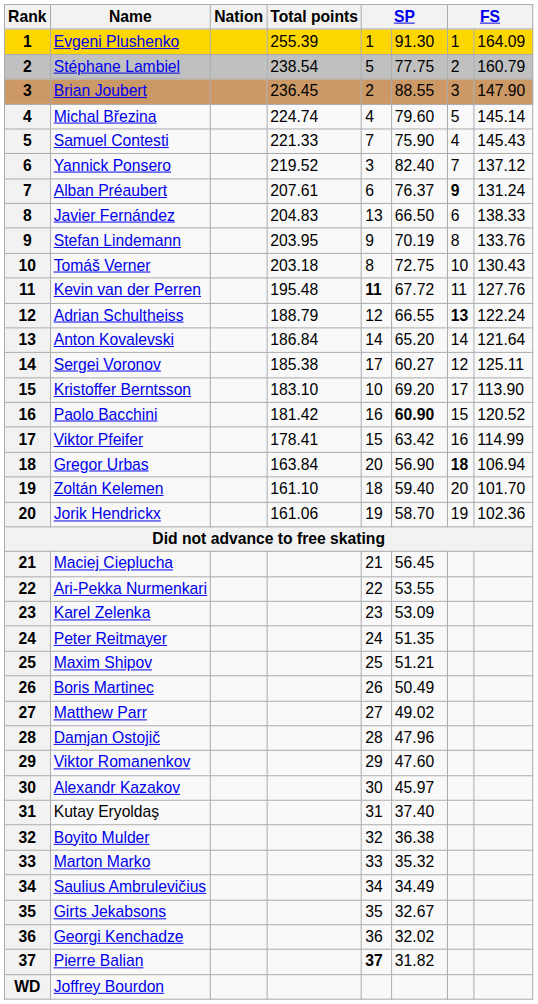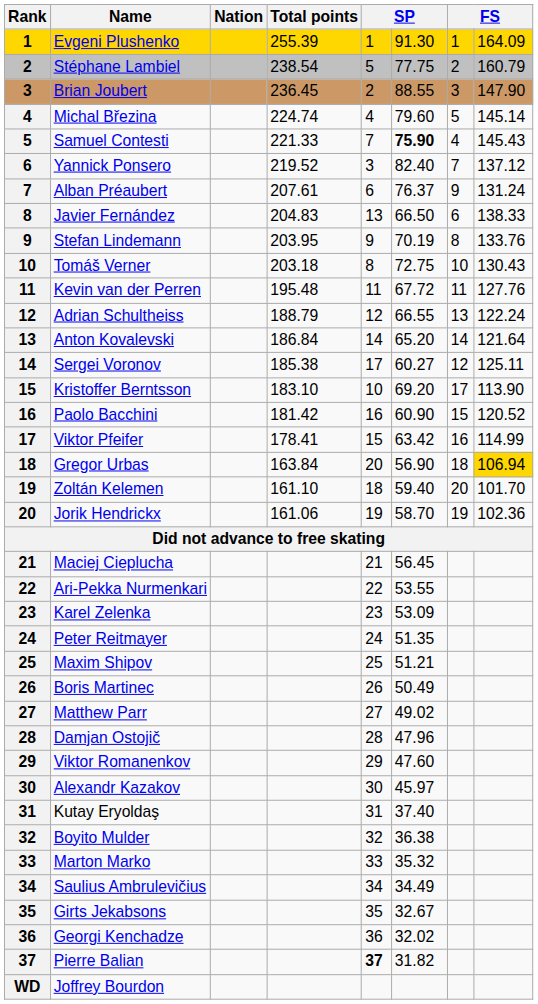 <table class="wikitable sortable">
 <tr>
 <th>Rank</th>
 <th>Name</th>
 <th>Nation</th>
 <th>Total points</th>
 <th colspan="2" width="80px"><a href='#'>SP</a></th>
 <th colspan="2" width="80px"><a href='#'>FS</a></th>
 </tr>
 <tr bgcolor="gold">
 <td align="center"><strong>1</strong></td>
 <td><a href='#'>Evgeni Plushenko</a></td>
 <td></td>
 <td>255.39</td>
 <td>1</td>
 <td>91.30</td>
 <td>1</td>
 <td>164.09</td>
 </tr>
 <tr bgcolor="silver">
 <td align="center"><strong>2</strong></td>
 <td><a href='#'>Stéphane Lambiel</a></td>
 <td></td>
 <td>238.54</td>
 <td>5</td>
 <td>77.75</td>
 <td>2</td>
 <td>160.79</td>
 </tr>
 <tr bgcolor="cc9966">
 <td align="center"><strong>3</strong></td>
 <td><a href='#'>Brian Joubert</a></td>
 <td></td>
 <td>236.45</td>
 <td>2</td>
 <td>88.55</td>
 <td>3</td>
 <td>147.90</td>
 </tr>
 <tr>
 <th>4</th>
 <td><a href='#'>Michal Březina</a></td>
 <td></td>
 <td>224.74</td>
 <td>4</td>
 <td>79.60</td>
 <td>5</td>
 <td>145.14</td>
 </tr>
 <tr>
 <th>5</th>
 <td><a href='#'>Samuel Contesti</a></td>
 <td></td>
 <td>221.33</td>
 <td>7</td>
-<td>75.90</td>
+<td><strong>75.90</strong></td>
 <td>4</td>
 <td>145.43</td>
 </tr>
 <tr>
 <th>6</th>
 <td><a href='#'>Yannick Ponsero</a></td>
 <td></td>
 <td>219.52</td>
 <td>3</td>
 <td>82.40</td>
 <td>7</td>
 <td>137.12</td>
 </tr>
 <tr>
 <th>7</th>
 <td><a href='#'>Alban Préaubert</a></td>
 <td></td>
 <td>207.61</td>
 <td>6</td>
 <td>76.37</td>
-<td><strong>9</strong></td>
+<td>9</td>
 <td>131.24</td>
 </tr>
 <tr>
 <th>8</th>
 <td><a href='#'>Javier Fernández</a></td>
 <td></td>
 <td>204.83</td>
 <td>13</td>
 <td>66.50</td>
 <td>6</td>
 <td>138.33</td>
 </tr>
 <tr>
 <th>9</th>
 <td><a href='#'>Stefan Lindemann</a></td>
 <td></td>
 <td>203.95</td>
 <td>9</td>
 <td>70.19</td>
 <td>8</td>
 <td>133.76</td>
 </tr>
 <tr>
 <th>10</th>
 <td><a href='#'>Tomáš Verner</a></td>
 <td></td>
 <td>203.18</td>
 <td>8</td>
 <td>72.75</td>
 <td>10</td>
 <td>130.43</td>
 </tr>
 <tr>
 <th>11</th>
 <td><a href='#'>Kevin van der Perren</a></td>
 <td></td>
 <td>195.48</td>
-<td><strong>11</strong></td>
+<td>11</td>
 <td>67.72</td>
 <td>11</td>
 <td>127.76</td>
 </tr>
 <tr>
 <th>12</th>
 <td><a href='#'>Adrian Schultheiss</a></td>
 <td></td>
 <td>188.79</td>
 <td>12</td>
 <td>66.55</td>
-<td><strong>13</strong></td>
+<td>13</td>
 <td>122.24</td>
 </tr>
 <tr>
 <th>13</th>
 <td><a href='#'>Anton Kovalevski</a></td>
 <td></td>
 <td>186.84</td>
 <td>14</td>
 <td>65.20</td>
 <td>14</td>
 <td>121.64</td>
 </tr>
 <tr>
 <th>14</th>
 <td><a href='#'>Sergei Voronov</a></td>
 <td></td>
 <td>185.38</td>
 <td>17</td>
 <td>60.27</td>
 <td>12</td>
 <td>125.11</td>
 </tr>
 <tr>
 <th>15</th>
 <td><a href='#'>Kristoffer Berntsson</a></td>
 <td></td>
 <td>183.10</td>
 <td>10</td>
 <td>69.20</td>
 <td>17</td>
 <td>113.90</td>
 </tr>
 <tr>
 <th>16</th>
 <td><a href='#'>Paolo Bacchini</a></td>
 <td></td>
 <td>181.42</td>
 <td>16</td>
-<td><strong>60.90</strong></td>
+<td>60.90</td>
 <td>15</td>
 <td>120.52</td>
 </tr>
 <tr>
 <th>17</th>
 <td><a href='#'>Viktor Pfeifer</a></td>
 <td></td>
 <td>178.41</td>
 <td>15</td>
 <td>63.42</td>
 <td>16</td>
 <td>114.99</td>
 </tr>
 <tr>
 <th>18</th>
 <td><a href='#'>Gregor Urbas</a></td>
 <td></td>
 <td>163.84</td>
 <td>20</td>
 <td>56.90</td>
-<td><strong>18</strong></td>
-<td>106.94</td>
+<td>18</td>
+<td style="background: gold;">106.94</td>
 </tr>
 <tr>
 <th>19</th>
 <td><a href='#'>Zoltán Kelemen</a></td>
 <td></td>
 <td>161.10</td>
 <td>18</td>
 <td>59.40</td>
 <td>20</td>
 <td>101.70</td>
 </tr>
 <tr>
 <th>20</th>
 <td><a href='#'>Jorik Hendrickx</a></td>
 <td></td>
 <td>161.06</td>
 <td>19</td>
 <td>58.70</td>
 <td>19</td>
 <td>102.36</td>
 </tr>
 <tr>
 <th colspan=8>Did not advance to free skating</th>
 </tr>
 <tr>
 <th>21</th>
 <td><a href='#'>Maciej Cieplucha</a></td>
 <td></td>
 <td></td>
 <td>21</td>
 <td>56.45</td>
 <td></td>
 <td></td>
 </tr>
 <tr>
 <th>22</th>
 <td><a href='#'>Ari-Pekka Nurmenkari</a></td>
 <td></td>
 <td></td>
 <td>22</td>
 <td>53.55</td>
 <td></td>
 <td></td>
 </tr>
 <tr>
 <th>23</th>
 <td><a href='#'>Karel Zelenka</a></td>
 <td></td>
 <td></td>
 <td>23</td>
 <td>53.09</td>
 <td></td>
 <td></td>
 </tr>
 <tr>
 <th>24</th>
 <td><a href='#'>Peter Reitmayer</a></td>
 <td></td>
 <td></td>
 <td>24</td>
 <td>51.35</td>
 <td></td>
 <td></td>
 </tr>
 <tr>
 <th>25</th>
 <td><a href='#'>Maxim Shipov</a></td>
 <td></td>
 <td></td>
 <td>25</td>
 <td>51.21</td>
 <td></td>
 <td></td>
 </tr>
 <tr>
 <th>26</th>
 <td><a href='#'>Boris Martinec</a></td>
 <td></td>
 <td></td>
 <td>26</td>
 <td>50.49</td>
 <td></td>
 <td></td>
 </tr>
 <tr>
 <th>27</th>
 <td><a href='#'>Matthew Parr</a></td>
 <td></td>
 <td></td>
 <td>27</td>
 <td>49.02</td>
 <td></td>
 <td></td>
 </tr>
 <tr>
 <th>28</th>
 <td><a href='#'>Damjan Ostojič</a></td>
 <td></td>
 <td></td>
 <td>28</td>
 <td>47.96</td>
 <td></td>
 <td></td>
 </tr>
 <tr>
 <th>29</th>
 <td><a href='#'>Viktor Romanenkov</a></td>
 <td></td>
 <td></td>
 <td>29</td>
 <td>47.60</td>
 <td></td>
 <td></td>
 </tr>
 <tr>
 <th>30</th>
 <td><a href='#'>Alexandr Kazakov</a></td>
 <td></td>
 <td></td>
 <td>30</td>
 <td>45.97</td>
 <td></td>
 <td></td>
 </tr>
 <tr>
 <th>31</th>
 <td>Kutay Eryoldaş</td>
 <td></td>
 <td></td>
 <td>31</td>
 <td>37.40</td>
 <td></td>
 <td></td>
 </tr>
 <tr>
 <th>32</th>
 <td><a href='#'>Boyito Mulder</a></td>
 <td></td>
 <td></td>
 <td>32</td>
 <td>36.38</td>
 <td></td>
 <td></td>
 </tr>
 <tr>
 <th>33</th>
 <td><a href='#'>Marton Marko</a></td>
 <td></td>
 <td></td>
 <td>33</td>
 <td>35.32</td>
 <td></td>
 <td></td>
 </tr>
 <tr>
 <th>34</th>
 <td><a href='#'>Saulius Ambrulevičius</a></td>
 <td></td>
 <td></td>
 <td>34</td>
 <td>34.49</td>
 <td></td>
 <td></td>
 </tr>
 <tr>
 <th>35</th>
 <td><a href='#'>Girts Jekabsons</a></td>
 <td></td>
 <td></td>
 <td>35</td>
 <td>32.67</td>
 <td></td>
 <td></td>
 </tr>
 <tr>
 <th>36</th>
 <td><a href='#'>Georgi Kenchadze</a></td>
 <td></td>
 <td></td>
 <td>36</td>
 <td>32.02</td>
 <td></td>
 <td></td>
 </tr>
 <tr>
 <th>37</th>
 <td><a href='#'>Pierre Balian</a></td>
 <td></td>
 <td></td>
 <td><strong>37</strong></td>
 <td>31.82</td>
 <td></td>
 <td></td>
 </tr>
 <tr>
 <th>WD</th>
 <td><a href='#'>Joffrey Bourdon</a></td>
 <td></td>
 <td></td>
 <td></td>
 <td></td>
 <td></td>
 <td></td>
 </tr>
 </table>
